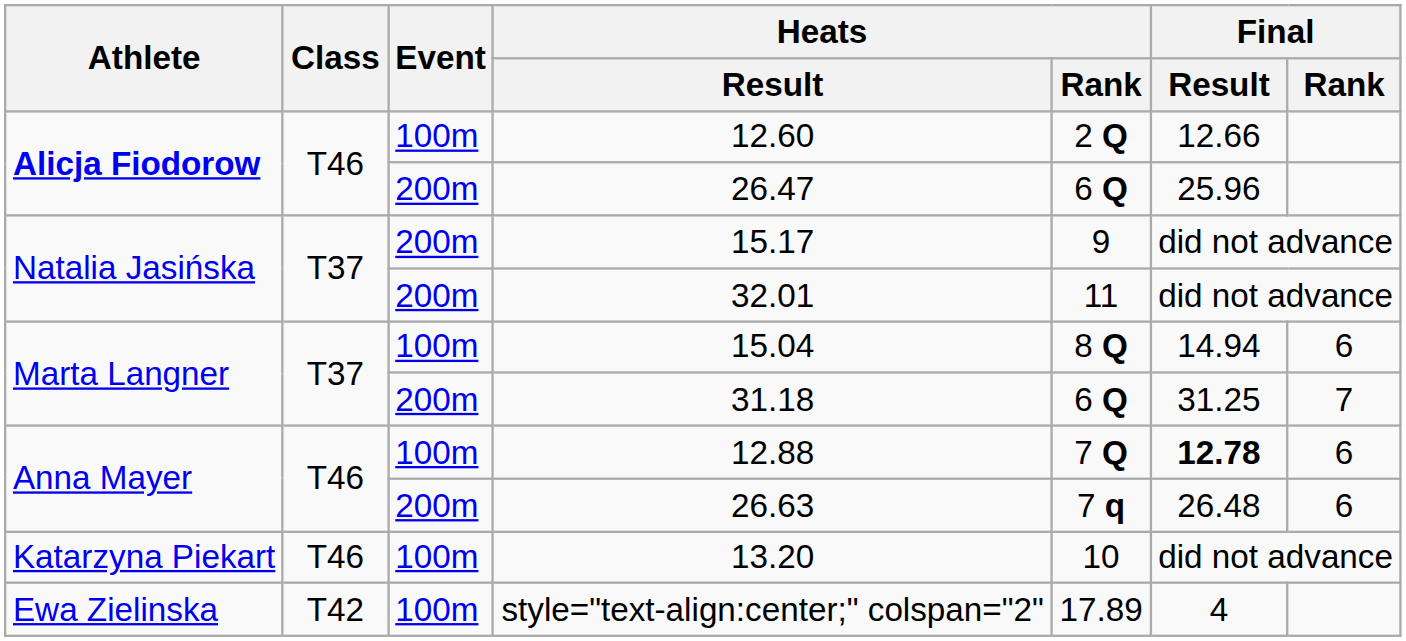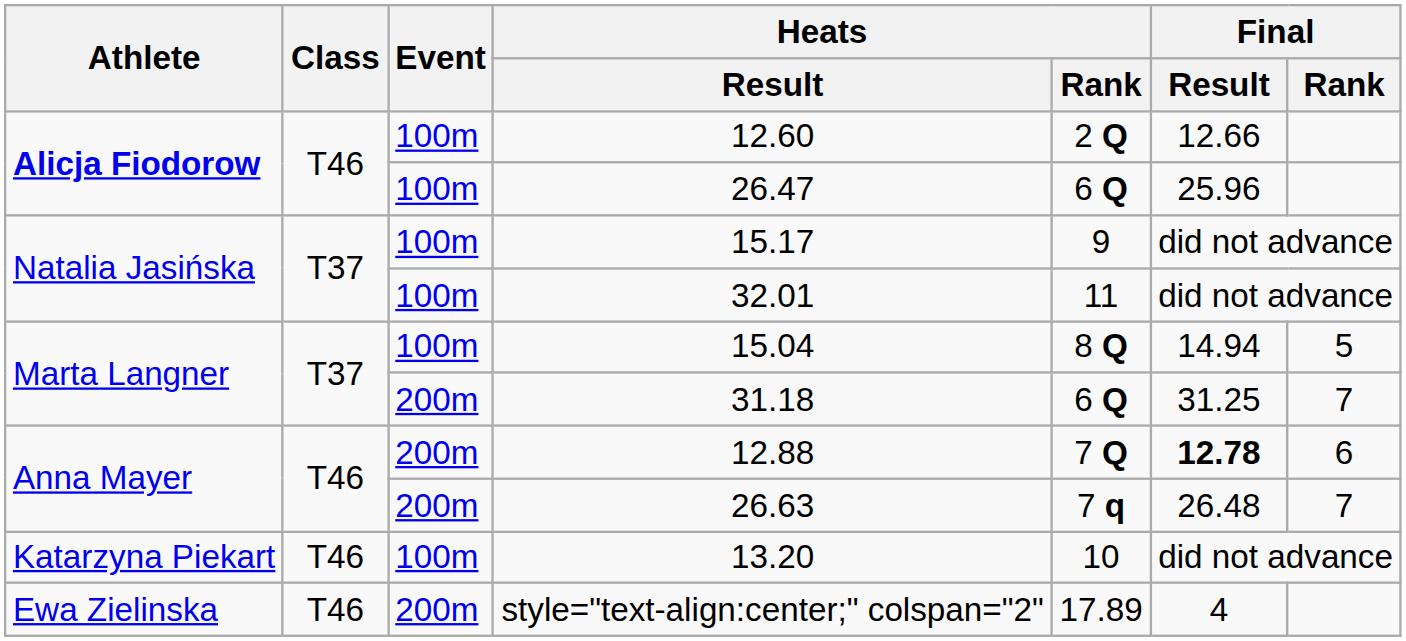 <table class=wikitable style="font-size:90%">
 <tr>
 <th rowspan="2">Athlete</th>
 <th rowspan="2">Class</th>
 <th rowspan="2">Event</th>
 <th colspan="2">Heats</th>
 <th colspan="3">Final</th>
 </tr>
 <tr>
 <th>Result</th>
 <th>Rank</th>
 <th>Result</th>
 <th>Rank</th>
 </tr>
 <tr>
 <td rowspan="2"><strong><a href='#'>Alicja Fiodorow</a></strong></td>
 <td rowspan="2" style="text-align:center;">T46</td>
 <td><a href='#'>100m</a></td>
 <td style="text-align:center;">12.60</td>
 <td style="text-align:center;">2 <strong>Q</strong></td>
 <td style="text-align:center;">12.66</td>
 <td style="text-align:center;"></td>
 </tr>
 <tr>
-<td><a href='#'>200m</a></td>
+<td><a href='#'>100m</a></td>
 <td style="text-align:center;">26.47</td>
 <td style="text-align:center;">6 <strong>Q</strong></td>
 <td style="text-align:center;">25.96</td>
 <td style="text-align:center;"></td>
 </tr>
 <tr>
 <td rowspan="2"><a href='#'>Natalia Jasińska</a></td>
 <td rowspan="2" style="text-align:center;">T37</td>
-<td><a href='#'>200m</a></td>
+<td><a href='#'>100m</a></td>
 <td style="text-align:center;">15.17</td>
 <td style="text-align:center;">9</td>
 <td style="text-align:center;" colspan="2">did not advance</td>
 </tr>
 <tr>
-<td><a href='#'>200m</a></td>
+<td><a href='#'>100m</a></td>
 <td style="text-align:center;">32.01</td>
 <td style="text-align:center;">11</td>
 <td style="text-align:center;" colspan="2">did not advance</td>
 </tr>
 <tr>
 <td rowspan="2"><a href='#'>Marta Langner</a></td>
 <td rowspan="2" style="text-align:center;">T37</td>
 <td><a href='#'>100m</a></td>
 <td style="text-align:center;">15.04</td>
 <td style="text-align:center;">8 <strong>Q</strong></td>
 <td style="text-align:center;">14.94</td>
-<td style="text-align:center;">6</td>
+<td style="text-align:center;">5</td>
 </tr>
 <tr>
 <td><a href='#'>200m</a></td>
 <td style="text-align:center;">31.18</td>
 <td style="text-align:center;">6 <strong>Q</strong></td>
 <td style="text-align:center;">31.25</td>
 <td style="text-align:center;">7</td>
 </tr>
 <tr>
 <td rowspan="2"><a href='#'>Anna Mayer</a></td>
 <td rowspan="2" style="text-align:center;">T46</td>
-<td><a href='#'>100m</a></td>
+<td><a href='#'>200m</a></td>
 <td style="text-align:center;">12.88</td>
 <td style="text-align:center;">7 <strong>Q</strong></td>
 <td style="text-align:center;"><strong>12.78</strong></td>
 <td style="text-align:center;">6</td>
 </tr>
 <tr>
 <td><a href='#'>200m</a></td>
 <td style="text-align:center;">26.63</td>
 <td style="text-align:center;">7 <strong>q</strong></td>
 <td style="text-align:center;">26.48</td>
-<td style="text-align:center;">6</td>
+<td style="text-align:center;">7</td>
 </tr>
 <tr>
 <td><a href='#'>Katarzyna Piekart</a></td>
 <td style="text-align:center;">T46</td>
 <td><a href='#'>100m</a></td>
 <td style="text-align:center;">13.20</td>
 <td style="text-align:center;">10</td>
 <td style="text-align:center;" colspan="2">did not advance</td>
 </tr>
 <tr>
 <td><a href='#'>Ewa Zielinska</a></td>
-<td style="text-align:center;">T42</td>
-<td><a href='#'>100m</a></td>
+<td style="text-align:center;">T46</td>
+<td><a href='#'>200m</a></td>
 <td>style="text-align:center;" colspan="2" </td>
 <td style="text-align:center;">17.89</td>
 <td style="text-align:center;">4</td>
 </tr>
 </table>
